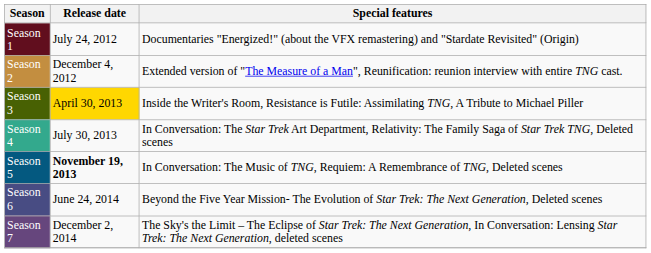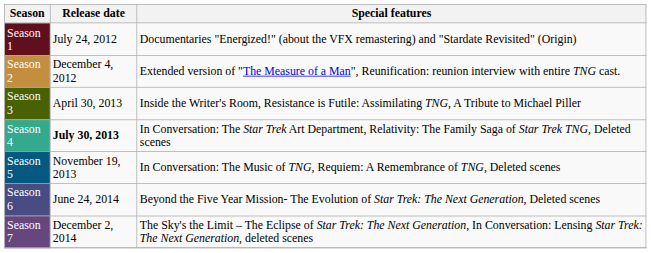 <table class="wikitable">
 <tr>
 <th>Season</th>
 <th>Release date</th>
 <th>Special features</th>
 </tr>
 <tr>
 <td style="background: #610E1E; color: white;">Season 1</td>
 <td>July 24, 2012</td>
 <td>Documentaries "Energized!" (about the VFX remastering) and "Stardate Revisited" (Origin)</td>
 </tr>
 <tr>
 <td style="background: #C38E40; color: white;">Season 2</td>
 <td>December 4, 2012</td>
 <td>Extended version of "<a href='#'>The Measure of a Man</a>", Reunification: reunion interview with entire <em>TNG</em> cast.</td>
 </tr>
 <tr>
 <td style="background: #486103; color: white;">Season 3</td>
-<td style="background: gold;">April 30, 2013</td>
+<td>April 30, 2013</td>
 <td>Inside the Writer's Room, Resistance is Futile: Assimilating <em>TNG</em>, A Tribute to Michael Piller</td>
 </tr>
 <tr>
 <td style="background: #33A98D; color: white;">Season 4</td>
-<td>July 30, 2013</td>
+<td><strong>July 30, 2013</strong></td>
 <td>In Conversation: The <em>Star Trek</em> Art Department, Relativity: The Family Saga of <em>Star Trek TNG</em>, Deleted scenes</td>
 </tr>
 <tr>
 <td style="background: #045980; color: white;">Season 5</td>
-<td><strong>November 19, 2013</strong></td>
+<td>November 19, 2013</td>
 <td>In Conversation: The Music of <em>TNG</em>, Requiem: A Remembrance of <em>TNG</em>, Deleted scenes</td>
 </tr>
 <tr>
 <td style="background: #484C83; color: white;">Season 6</td>
 <td>June 24, 2014</td>
 <td>Beyond the Five Year Mission- The Evolution of <em>Star Trek: The Next Generation</em>, Deleted scenes</td>
 </tr>
 <tr>
 <td style="background: #66467D; color: white;">Season 7</td>
 <td>December 2, 2014</td>
 <td>The Sky's the Limit – The Eclipse of <em>Star Trek: The Next Generation</em>, In Conversation: Lensing <em>Star Trek: The Next Generation</em>, deleted scenes</td>
 </tr>
 <tr>
 </tr>
 </table>
